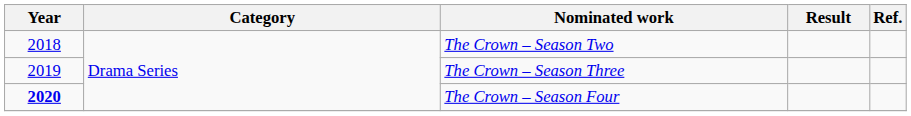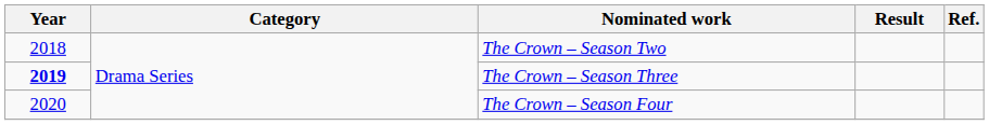 <table class=wikitable>
 <tr>
 <th scope="col" style="width:5em;">Year</th>
 <th scope="col" style="width:26em;">Category</th>
 <th scope="col" style="width:25em;">Nominated work</th>
 <th scope="col" style="width:5em;">Result</th>
 <th>Ref.</th>
 </tr>
 <tr>
 <td style="text-align:center;"><a href='#'>2018</a></td>
 <td rowspan=3><a href='#'>Drama Series</a></td>
 <td><em><a href='#'>The Crown – Season Two</a></em></td>
 <td></td>
 <td></td>
 </tr>
 <tr>
-<td style="text-align:center;"><a href='#'>2019</a></td>
+<td style="text-align:center;"><strong><a href='#'>2019</a></strong></td>
 <td><em><a href='#'>The Crown – Season Three</a></em></td>
 <td></td>
 <td></td>
 </tr>
 <tr>
-<td style="text-align:center;"><strong><a href='#'>2020</a></strong></td>
+<td style="text-align:center;"><a href='#'>2020</a></td>
 <td><em><a href='#'>The Crown – Season Four</a></em></td>
 <td></td>
 <td></td>
 </tr>
 <tr>
 </tr>
 </table>
